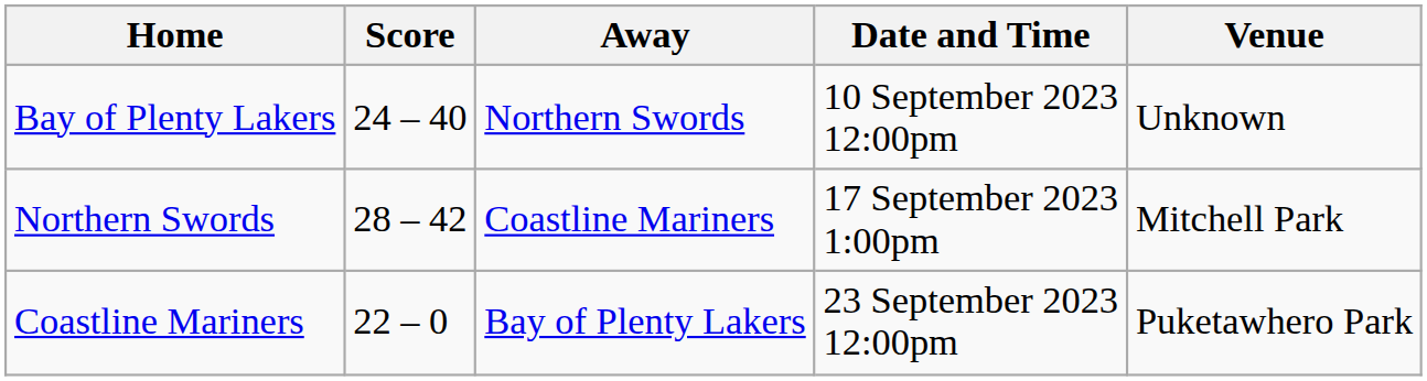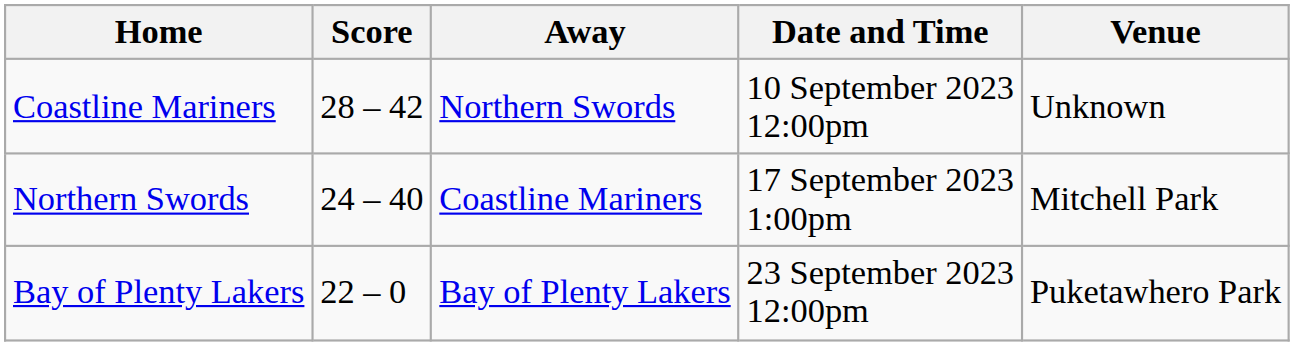 <table class="wikitable">
 <tr>
 <th>Home</th>
 <th>Score</th>
 <th>Away</th>
 <th>Date and Time</th>
 <th>Venue</th>
 </tr>
 <tr>
-<td> <a href='#'>Bay of Plenty Lakers</a></td>
-<td>24 – 40</td>
+<td> <a href='#'>Coastline Mariners</a></td>
+<td>28 – 42</td>
 <td> <a href='#'>Northern Swords</a></td>
 <td>10 September 2023<br>12:00pm</td>
 <td>Unknown</td>
 </tr>
 <tr>
 <td> <a href='#'>Northern Swords</a></td>
-<td>28 – 42</td>
+<td>24 – 40</td>
 <td> <a href='#'>Coastline Mariners</a></td>
 <td>17 September 2023<br>1:00pm</td>
 <td>Mitchell Park</td>
 </tr>
 <tr>
-<td> <a href='#'>Coastline Mariners</a></td>
+<td> <a href='#'>Bay of Plenty Lakers</a></td>
 <td>22 – 0</td>
 <td> <a href='#'>Bay of Plenty Lakers</a></td>
 <td>23 September 2023<br>12:00pm</td>
 <td>Puketawhero Park</td>
 </tr>
 </table>
